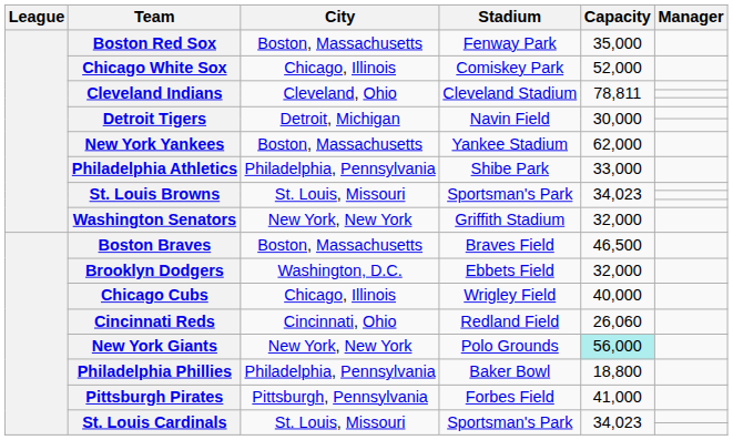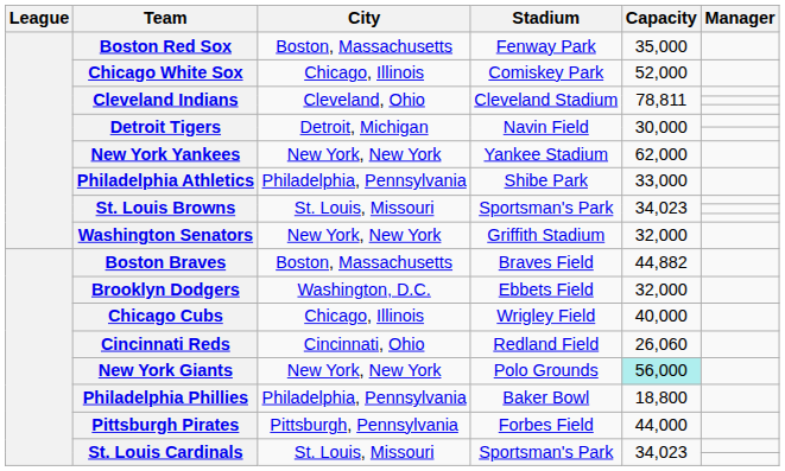 <table class="wikitable sortable plainrowheaders" style="text-align:center;">
 <tr>
 <th scope="col">League</th>
 <th scope="col">Team</th>
 <th scope="col">City</th>
 <th scope="col">Stadium</th>
 <th scope="col">Capacity</th>
 <th scope="col">Manager</th>
 </tr>
 <tr>
 <th rowspan="13"></th>
 <th scope="row"><a href='#'>Boston Red Sox</a></th>
 <td><a href='#'>Boston</a>, <a href='#'>Massachusetts</a></td>
 <td><a href='#'>Fenway Park</a></td>
 <td>35,000</td>
 <td></td>
 </tr>
 <tr>
 <th scope="row"><a href='#'>Chicago White Sox</a></th>
 <td><a href='#'>Chicago</a>, <a href='#'>Illinois</a></td>
 <td><a href='#'>Comiskey Park</a></td>
 <td>52,000</td>
 <td></td>
 </tr>
 <tr>
 <th rowspan="3" scope="row"><a href='#'>Cleveland Indians</a></th>
 <td rowspan="3"><a href='#'>Cleveland</a>, <a href='#'>Ohio</a></td>
 <td rowspan="3"><a href='#'>Cleveland Stadium</a></td>
 <td rowspan="3">78,811</td>
 <td></td>
 </tr>
 <tr>
 <td></td>
 </tr>
 <tr>
 <td></td>
 </tr>
 <tr>
 <th rowspan="2" scope="row"><a href='#'>Detroit Tigers</a></th>
 <td rowspan="2"><a href='#'>Detroit</a>, <a href='#'>Michigan</a></td>
 <td rowspan="2"><a href='#'>Navin Field</a></td>
 <td rowspan="2">30,000</td>
 <td></td>
 </tr>
 <tr>
 <td></td>
 </tr>
 <tr>
 <th scope="row"><a href='#'>New York Yankees</a></th>
-<td><a href='#'>Boston</a>, <a href='#'>Massachusetts</a></td>
+<td><a href='#'>New York</a>, <a href='#'>New York</a></td>
 <td><a href='#'>Yankee Stadium</a></td>
 <td>62,000</td>
 <td></td>
 </tr>
 <tr>
 <th scope="row"><a href='#'>Philadelphia Athletics</a></th>
 <td><a href='#'>Philadelphia</a>, <a href='#'>Pennsylvania</a></td>
 <td><a href='#'>Shibe Park</a></td>
 <td>33,000</td>
 <td></td>
 </tr>
 <tr>
 <th rowspan="3" scope="row"><a href='#'>St. Louis Browns</a></th>
 <td rowspan="3"><a href='#'>St. Louis</a>, <a href='#'>Missouri</a></td>
 <td rowspan="3"><a href='#'>Sportsman's Park</a></td>
 <td rowspan="3">34,023</td>
 <td></td>
 </tr>
 <tr>
 <td></td>
 </tr>
 <tr>
 <td></td>
 </tr>
 <tr>
 <th scope="row"><a href='#'>Washington Senators</a></th>
 <td><a href='#'>New York</a>, <a href='#'>New York</a></td>
 <td><a href='#'>Griffith Stadium</a></td>
 <td>32,000</td>
 <td></td>
 </tr>
 <tr>
 <th rowspan="9"></th>
 <th scope="row"><a href='#'>Boston Braves</a></th>
 <td><a href='#'>Boston</a>, <a href='#'>Massachusetts</a></td>
 <td><a href='#'>Braves Field</a></td>
-<td>46,500</td>
+<td>44,882</td>
 <td></td>
 </tr>
 <tr>
 <th scope="row"><a href='#'>Brooklyn Dodgers</a></th>
 <td><a href='#'>Washington, D.C.</a></td>
 <td><a href='#'>Ebbets Field</a></td>
 <td>32,000</td>
 <td></td>
 </tr>
 <tr>
 <th scope="row"><a href='#'>Chicago Cubs</a></th>
 <td><a href='#'>Chicago</a>, <a href='#'>Illinois</a></td>
 <td><a href='#'>Wrigley Field</a></td>
 <td>40,000</td>
 <td></td>
 </tr>
 <tr>
 <th scope="row"><a href='#'>Cincinnati Reds</a></th>
 <td><a href='#'>Cincinnati</a>, <a href='#'>Ohio</a></td>
 <td><a href='#'>Redland Field</a></td>
 <td>26,060</td>
 <td></td>
 </tr>
 <tr>
 <th scope="row"><a href='#'>New York Giants</a></th>
 <td><a href='#'>New York</a>, <a href='#'>New York</a></td>
 <td><a href='#'>Polo Grounds</a></td>
 <td style="background: paleturquoise;">56,000</td>
 <td></td>
 </tr>
 <tr>
 <th scope="row"><a href='#'>Philadelphia Phillies</a></th>
 <td><a href='#'>Philadelphia</a>, <a href='#'>Pennsylvania</a></td>
 <td><a href='#'>Baker Bowl</a></td>
 <td>18,800</td>
 <td></td>
 </tr>
 <tr>
 <th scope="row"><a href='#'>Pittsburgh Pirates</a></th>
 <td><a href='#'>Pittsburgh</a>, <a href='#'>Pennsylvania</a></td>
 <td><a href='#'>Forbes Field</a></td>
-<td>41,000</td>
+<td>44,000</td>
 <td></td>
 </tr>
 <tr>
 <th rowspan="2" scope="row"><a href='#'>St. Louis Cardinals</a></th>
 <td rowspan="2"><a href='#'>St. Louis</a>, <a href='#'>Missouri</a></td>
 <td rowspan="2"><a href='#'>Sportsman's Park</a></td>
 <td rowspan="2">34,023</td>
 <td></td>
 </tr>
 <tr>
 <td></td>
 </tr>
 </table>
